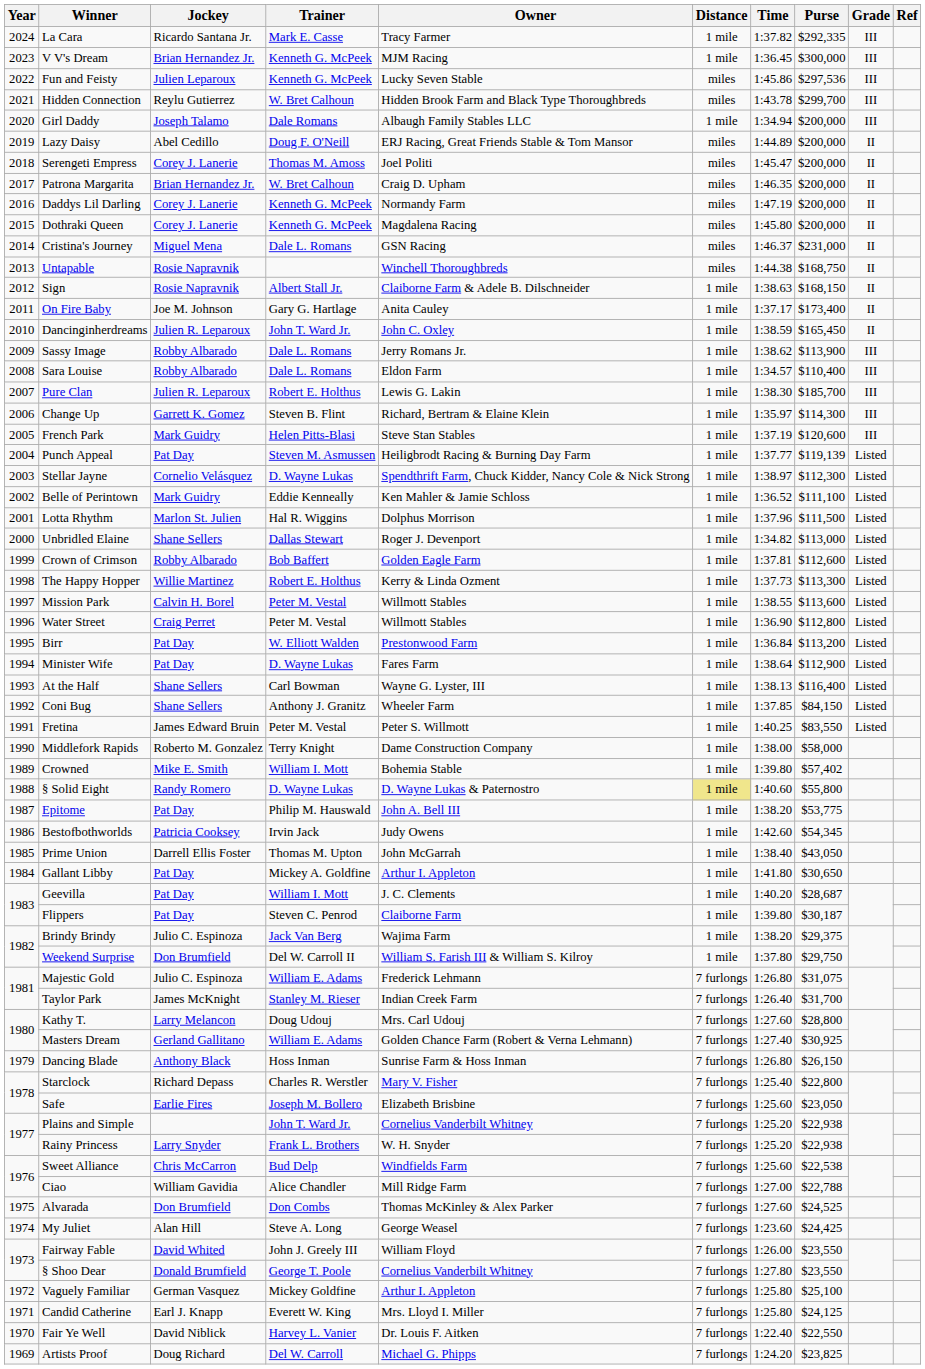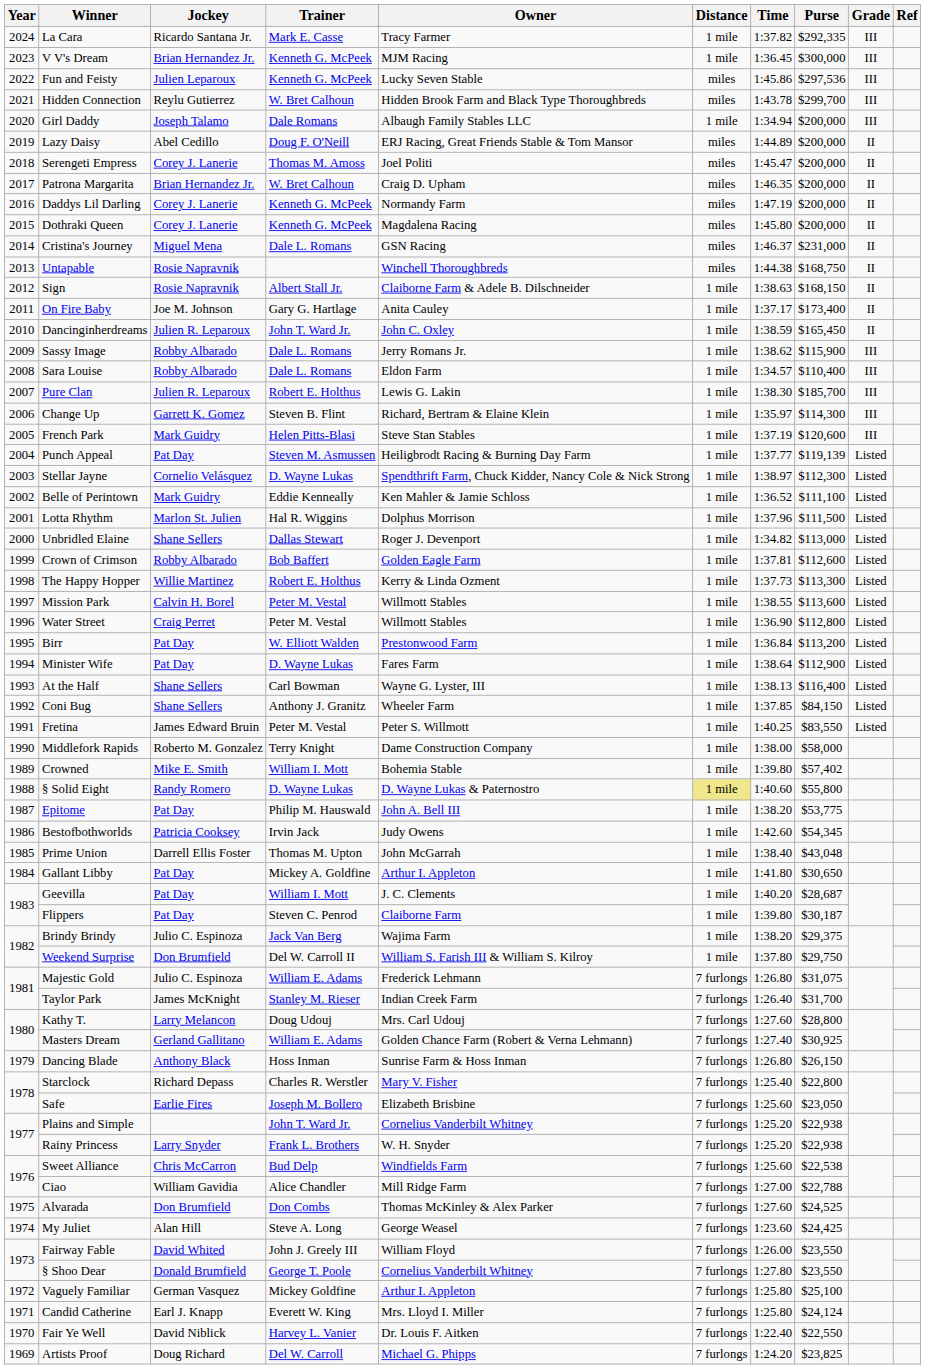 <table class="wikitable sortable">
 <tr>
 <th>Year</th>
 <th>Winner</th>
 <th>Jockey</th>
 <th>Trainer</th>
 <th>Owner</th>
 <th>Distance</th>
 <th>Time</th>
 <th>Purse</th>
 <th>Grade</th>
 <th>Ref</th>
 </tr>
 <tr style="font-size:90%;" >
 <td align=center>2024</td>
 <td>La Cara</td>
 <td>Ricardo Santana Jr.</td>
 <td><a href='#'>Mark E. Casse</a></td>
 <td>Tracy Farmer</td>
 <td align=center>1 mile</td>
 <td align=center>1:37.82</td>
 <td align+center>$292,335</td>
 <td align=center>III</td>
 <td></td>
 </tr>
 <tr style="font-size:90%;" >
 <td align=center>2023</td>
 <td>V V's Dream</td>
 <td><a href='#'>Brian Hernandez Jr.</a></td>
 <td><a href='#'>Kenneth G. McPeek</a></td>
 <td>MJM Racing</td>
 <td align=center>1 mile</td>
 <td align=center>1:36.45</td>
 <td align+center>$300,000</td>
 <td align=center>III</td>
 <td></td>
 </tr>
 <tr style="font-size:90%;" >
 <td align=center>2022</td>
 <td>Fun and Feisty</td>
 <td><a href='#'>Julien Leparoux</a></td>
 <td><a href='#'>Kenneth G. McPeek</a></td>
 <td>Lucky Seven Stable</td>
 <td align=center> miles</td>
 <td align=center>1:45.86</td>
 <td align+center>$297,536</td>
 <td align=center>III</td>
 <td></td>
 </tr>
 <tr style="font-size:90%;">
 <td align=center>2021</td>
 <td>Hidden Connection</td>
 <td>Reylu Gutierrez</td>
 <td><a href='#'>W. Bret Calhoun</a></td>
 <td>Hidden Brook Farm and Black Type Thoroughbreds</td>
 <td align=center> miles</td>
 <td align=center>1:43.78</td>
 <td align=center>$299,700</td>
 <td align=center>III</td>
 <td></td>
 </tr>
 <tr style="font-size:90%;">
 <td align=center>2020</td>
 <td>Girl Daddy</td>
 <td><a href='#'>Joseph Talamo</a></td>
 <td><a href='#'>Dale Romans</a></td>
 <td>Albaugh Family Stables LLC</td>
 <td align=center>1 mile</td>
 <td align=center>1:34.94</td>
 <td align=center>$200,000</td>
 <td align=center>III</td>
 <td></td>
 </tr>
 <tr style="font-size:90%;">
 <td align=center>2019</td>
 <td>Lazy Daisy</td>
 <td>Abel Cedillo</td>
 <td><a href='#'>Doug F. O'Neill</a></td>
 <td>ERJ Racing, Great Friends Stable & Tom Mansor</td>
 <td align=center> miles</td>
 <td align=center>1:44.89</td>
 <td align=center>$200,000</td>
 <td align=center>II</td>
 <td></td>
 </tr>
 <tr style="font-size:90%;">
 <td align=center>2018</td>
 <td>Serengeti Empress</td>
 <td><a href='#'>Corey J. Lanerie</a></td>
 <td><a href='#'>Thomas M. Amoss</a></td>
 <td>Joel Politi</td>
 <td align=center> miles</td>
 <td align=center>1:45.47</td>
 <td align=center>$200,000</td>
 <td align=center>II</td>
 <td></td>
 </tr>
 <tr style="font-size:90%;">
 <td align=center>2017</td>
 <td>Patrona Margarita</td>
 <td><a href='#'>Brian Hernandez Jr.</a></td>
 <td><a href='#'>W. Bret Calhoun</a></td>
 <td>Craig D. Upham</td>
 <td align=center> miles</td>
 <td align=center>1:46.35</td>
 <td align=center>$200,000</td>
 <td align=center>II</td>
 <td></td>
 </tr>
 <tr style="font-size:90%;">
 <td align=center>2016</td>
 <td>Daddys Lil Darling</td>
 <td><a href='#'>Corey J. Lanerie</a></td>
 <td><a href='#'>Kenneth G. McPeek</a></td>
 <td>Normandy Farm</td>
 <td align=center> miles</td>
 <td align=center>1:47.19</td>
 <td align=center>$200,000</td>
 <td align=center>II</td>
 <td></td>
 </tr>
 <tr style="font-size:90%;">
 <td align=center>2015</td>
 <td>Dothraki Queen</td>
 <td><a href='#'>Corey J. Lanerie</a></td>
 <td><a href='#'>Kenneth G. McPeek</a></td>
 <td>Magdalena Racing</td>
 <td align=center> miles</td>
 <td align=center>1:45.80</td>
 <td align=center>$200,000</td>
 <td align=center>II</td>
 <td></td>
 </tr>
 <tr style="font-size:90%;">
 <td align=center>2014</td>
 <td>Cristina's Journey</td>
 <td><a href='#'>Miguel Mena</a></td>
 <td><a href='#'>Dale L. Romans</a></td>
 <td>GSN Racing</td>
 <td align=center> miles</td>
 <td align=center>1:46.37</td>
 <td align=center>$231,000</td>
 <td align=center>II</td>
 <td></td>
 </tr>
 <tr style="font-size:90%;">
 <td align=center>2013</td>
 <td><a href='#'>Untapable</a></td>
 <td><a href='#'>Rosie Napravnik</a></td>
 <td></td>
 <td><a href='#'>Winchell Thoroughbreds</a></td>
 <td align=center> miles</td>
 <td align=center>1:44.38</td>
 <td align=center>$168,750</td>
 <td align=center>II</td>
 <td></td>
 </tr>
 <tr style="font-size:90%;">
 <td align=center>2012</td>
 <td>Sign</td>
 <td><a href='#'>Rosie Napravnik</a></td>
 <td><a href='#'>Albert Stall Jr.</a></td>
 <td><a href='#'>Claiborne Farm</a> & Adele B. Dilschneider</td>
 <td align=center>1 mile</td>
 <td align=center>1:38.63</td>
 <td align=center>$168,150</td>
 <td align=center>II</td>
 <td></td>
 </tr>
 <tr style="font-size:90%;">
 <td align=center>2011</td>
 <td><a href='#'>On Fire Baby</a></td>
 <td>Joe M. Johnson</td>
 <td>Gary G. Hartlage</td>
 <td>Anita Cauley</td>
 <td align=center>1 mile</td>
 <td align=center>1:37.17</td>
 <td align=center>$173,400</td>
 <td align=center>II</td>
 <td></td>
 </tr>
 <tr style="font-size:90%;">
 <td align=center>2010</td>
 <td>Dancinginherdreams</td>
 <td><a href='#'>Julien R. Leparoux</a></td>
 <td><a href='#'>John T. Ward Jr.</a></td>
 <td><a href='#'>John C. Oxley</a></td>
 <td align=center>1 mile</td>
 <td align=center>1:38.59</td>
 <td align=center>$165,450</td>
 <td align=center>II</td>
 <td></td>
 </tr>
 <tr style="font-size:90%;">
 <td align=center>2009</td>
 <td>Sassy Image</td>
 <td><a href='#'>Robby Albarado</a></td>
 <td><a href='#'>Dale L. Romans</a></td>
 <td>Jerry Romans Jr.</td>
 <td align=center>1 mile</td>
 <td align=center>1:38.62</td>
-<td align=center>$113,900</td>
+<td align=center>$115,900</td>
 <td align=center>III</td>
 <td></td>
 </tr>
 <tr style="font-size:90%;">
 <td align=center>2008</td>
 <td>Sara Louise</td>
 <td><a href='#'>Robby Albarado</a></td>
 <td><a href='#'>Dale L. Romans</a></td>
 <td>Eldon Farm</td>
 <td align=center>1 mile</td>
 <td align=center>1:34.57</td>
 <td align=center>$110,400</td>
 <td align=center>III</td>
 <td></td>
 </tr>
 <tr style="font-size:90%;">
 <td align=center>2007</td>
 <td><a href='#'>Pure Clan</a></td>
 <td><a href='#'>Julien R. Leparoux</a></td>
 <td><a href='#'>Robert E. Holthus</a></td>
 <td>Lewis G. Lakin</td>
 <td align=center>1 mile</td>
 <td align=center>1:38.30</td>
 <td align=center>$185,700</td>
 <td align=center>III</td>
 <td></td>
 </tr>
 <tr style="font-size:90%;">
 <td align=center>2006</td>
 <td>Change Up</td>
 <td><a href='#'>Garrett K. Gomez</a></td>
 <td>Steven B. Flint</td>
 <td>Richard, Bertram & Elaine Klein</td>
 <td align=center>1 mile</td>
 <td align=center>1:35.97</td>
 <td align=center>$114,300</td>
 <td align=center>III</td>
 <td></td>
 </tr>
 <tr style="font-size:90%;">
 <td align=center>2005</td>
 <td>French Park</td>
 <td><a href='#'>Mark Guidry</a></td>
 <td><a href='#'>Helen Pitts-Blasi</a></td>
 <td>Steve Stan Stables</td>
 <td align=center>1 mile</td>
 <td align=center>1:37.19</td>
 <td align=center>$120,600</td>
 <td align=center>III</td>
 <td></td>
 </tr>
 <tr style="font-size:90%;">
 <td align=center>2004</td>
 <td>Punch Appeal</td>
 <td><a href='#'>Pat Day</a></td>
 <td><a href='#'>Steven M. Asmussen</a></td>
 <td>Heiligbrodt Racing & Burning Day Farm</td>
 <td align=center>1 mile</td>
 <td align=center>1:37.77</td>
 <td align=center>$119,139</td>
 <td align=center>Listed</td>
 <td></td>
 </tr>
 <tr style="font-size:90%;">
 <td align=center>2003</td>
 <td>Stellar Jayne</td>
 <td><a href='#'>Cornelio Velásquez</a></td>
 <td><a href='#'>D. Wayne Lukas</a></td>
 <td><a href='#'>Spendthrift Farm</a>, Chuck Kidder, Nancy Cole & Nick Strong</td>
 <td align=center>1 mile</td>
 <td align=center>1:38.97</td>
 <td align=center>$112,300</td>
 <td align=center>Listed</td>
 <td></td>
 </tr>
 <tr style="font-size:90%;">
 <td align=center>2002</td>
 <td>Belle of Perintown</td>
 <td><a href='#'>Mark Guidry</a></td>
 <td>Eddie Kenneally</td>
 <td>Ken Mahler & Jamie Schloss</td>
 <td align=center>1 mile</td>
 <td align=center>1:36.52</td>
 <td align=center>$111,100</td>
 <td align=center>Listed</td>
 <td></td>
 </tr>
 <tr style="font-size:90%;">
 <td align=center>2001</td>
 <td>Lotta Rhythm</td>
 <td><a href='#'>Marlon St. Julien</a></td>
 <td>Hal R. Wiggins</td>
 <td>Dolphus Morrison</td>
 <td align=center>1 mile</td>
 <td align=center>1:37.96</td>
 <td align=center>$111,500</td>
 <td align=center>Listed</td>
 <td></td>
 </tr>
 <tr style="font-size:90%;">
 <td align=center>2000</td>
 <td>Unbridled Elaine</td>
 <td><a href='#'>Shane Sellers</a></td>
 <td><a href='#'>Dallas Stewart</a></td>
 <td>Roger J. Devenport</td>
 <td align=center>1 mile</td>
 <td align=center>1:34.82</td>
 <td align=center>$113,000</td>
 <td align=center>Listed</td>
 <td></td>
 </tr>
 <tr style="font-size:90%;">
 <td align=center>1999</td>
 <td>Crown of Crimson</td>
 <td><a href='#'>Robby Albarado</a></td>
 <td><a href='#'>Bob Baffert</a></td>
 <td><a href='#'>Golden Eagle Farm</a></td>
 <td align=center>1 mile</td>
 <td align=center>1:37.81</td>
 <td align=center>$112,600</td>
 <td align=center>Listed</td>
 <td></td>
 </tr>
 <tr style="font-size:90%;">
 <td align=center>1998</td>
 <td>The Happy Hopper</td>
 <td><a href='#'>Willie Martinez</a></td>
 <td><a href='#'>Robert E. Holthus</a></td>
 <td>Kerry & Linda Ozment</td>
 <td align=center>1 mile</td>
 <td align=center>1:37.73</td>
 <td align=center>$113,300</td>
 <td align=center>Listed</td>
 <td></td>
 </tr>
 <tr style="font-size:90%;">
 <td align=center>1997</td>
 <td>Mission Park</td>
 <td><a href='#'>Calvin H. Borel</a></td>
 <td><a href='#'>Peter M. Vestal</a></td>
 <td>Willmott Stables</td>
 <td align=center>1 mile</td>
 <td align=center>1:38.55</td>
 <td align=center>$113,600</td>
 <td align=center>Listed</td>
 <td></td>
 </tr>
 <tr style="font-size:90%;">
 <td align=center>1996</td>
 <td>Water Street</td>
 <td><a href='#'>Craig Perret</a></td>
 <td>Peter M. Vestal</td>
 <td>Willmott Stables</td>
 <td align=center>1 mile</td>
 <td align=center>1:36.90</td>
 <td align=center>$112,800</td>
 <td align=center>Listed</td>
 <td></td>
 </tr>
 <tr style="font-size:90%;">
 <td align=center>1995</td>
 <td>Birr</td>
 <td><a href='#'>Pat Day</a></td>
 <td><a href='#'>W. Elliott Walden</a></td>
 <td><a href='#'>Prestonwood Farm</a></td>
 <td align=center>1 mile</td>
 <td align=center>1:36.84</td>
 <td align=center>$113,200</td>
 <td align=center>Listed</td>
 <td></td>
 </tr>
 <tr style="font-size:90%;">
 <td align=center>1994</td>
 <td>Minister Wife</td>
 <td><a href='#'>Pat Day</a></td>
 <td><a href='#'>D. Wayne Lukas</a></td>
 <td>Fares Farm</td>
 <td align=center>1 mile</td>
 <td align=center>1:38.64</td>
 <td align=center>$112,900</td>
 <td align=center>Listed</td>
 <td></td>
 </tr>
 <tr style="font-size:90%;">
 <td align=center>1993</td>
 <td>At the Half</td>
 <td><a href='#'>Shane Sellers</a></td>
 <td>Carl Bowman</td>
 <td>Wayne G. Lyster, III</td>
 <td align=center>1 mile</td>
 <td align=center>1:38.13</td>
 <td align=center>$116,400</td>
 <td align=center>Listed</td>
 <td></td>
 </tr>
 <tr style="font-size:90%;">
 <td align=center>1992</td>
 <td>Coni Bug</td>
 <td><a href='#'>Shane Sellers</a></td>
 <td>Anthony J. Granitz</td>
 <td>Wheeler Farm</td>
 <td align=center>1 mile</td>
 <td align=center>1:37.85</td>
 <td align=center>$84,150</td>
 <td align=center>Listed</td>
 <td></td>
 </tr>
 <tr style="font-size:90%;">
 <td align=center>1991</td>
 <td>Fretina</td>
 <td>James Edward Bruin</td>
 <td>Peter M. Vestal</td>
 <td>Peter S. Willmott</td>
 <td align=center>1 mile</td>
 <td align=center>1:40.25</td>
 <td align=center>$83,550</td>
 <td align=center>Listed</td>
 <td></td>
 </tr>
 <tr style="font-size:90%;">
 <td align=center>1990</td>
 <td>Middlefork Rapids</td>
 <td>Roberto M. Gonzalez</td>
 <td>Terry Knight</td>
 <td>Dame Construction Company</td>
 <td align=center>1 mile</td>
 <td align=center>1:38.00</td>
 <td align=center>$58,000</td>
 <td align=center></td>
 <td></td>
 </tr>
 <tr style="font-size:90%;">
 <td align=center>1989</td>
 <td>Crowned</td>
 <td><a href='#'>Mike E. Smith</a></td>
 <td><a href='#'>William I. Mott</a></td>
 <td>Bohemia Stable</td>
 <td align=center>1 mile</td>
 <td align=center>1:39.80</td>
 <td align=center>$57,402</td>
 <td align=center></td>
 <td></td>
 </tr>
 <tr style="font-size:90%;">
 <td align=center>1988</td>
 <td>§ Solid Eight</td>
 <td><a href='#'>Randy Romero</a></td>
 <td><a href='#'>D. Wayne Lukas</a></td>
 <td><a href='#'>D. Wayne Lukas</a> & Paternostro</td>
 <td align=center style="background: khaki;">1 mile</td>
 <td align=center>1:40.60</td>
 <td align=center>$55,800</td>
 <td align=center></td>
 <td></td>
 </tr>
 <tr style="font-size:90%;">
 <td align=center>1987</td>
 <td><a href='#'>Epitome</a></td>
 <td><a href='#'>Pat Day</a></td>
 <td>Philip M. Hauswald</td>
 <td><a href='#'>John A. Bell III</a></td>
 <td align=center>1 mile</td>
 <td align=center>1:38.20</td>
 <td align=center>$53,775</td>
 <td align=center></td>
 <td></td>
 </tr>
 <tr style="font-size:90%;">
 <td align=center>1986</td>
 <td>Bestofbothworlds</td>
 <td><a href='#'>Patricia Cooksey</a></td>
 <td>Irvin Jack</td>
 <td>Judy Owens</td>
 <td align=center>1 mile</td>
 <td align=center>1:42.60</td>
 <td align=center>$54,345</td>
 <td align=center></td>
 <td></td>
 </tr>
 <tr style="font-size:90%;">
 <td align=center>1985</td>
 <td>Prime Union</td>
 <td>Darrell Ellis Foster</td>
 <td>Thomas M. Upton</td>
 <td>John McGarrah</td>
 <td align=center>1 mile</td>
 <td align=center>1:38.40</td>
-<td align=center>$43,050</td>
+<td align=center>$43,048</td>
 <td align=center></td>
 <td></td>
 </tr>
 <tr style="font-size:90%;">
 <td align=center>1984</td>
 <td>Gallant Libby</td>
 <td><a href='#'>Pat Day</a></td>
 <td>Mickey A. Goldfine</td>
 <td><a href='#'>Arthur I. Appleton</a></td>
 <td align=center>1 mile</td>
 <td align=center>1:41.80</td>
 <td align=center>$30,650</td>
 <td align=center></td>
 <td></td>
 </tr>
 <tr style="font-size:90%;">
 <td align=center rowspan=2>1983</td>
 <td>Geevilla</td>
 <td><a href='#'>Pat Day</a></td>
 <td><a href='#'>William I. Mott</a></td>
 <td>J. C. Clements</td>
 <td align=center>1 mile</td>
 <td align=center>1:40.20</td>
 <td align=center>$28,687</td>
 <td align=center rowspan=2></td>
 <td></td>
 </tr>
 <tr style="font-size:90%;">
 <td>Flippers</td>
 <td><a href='#'>Pat Day</a></td>
 <td>Steven C. Penrod</td>
 <td><a href='#'>Claiborne Farm</a></td>
 <td align=center>1 mile</td>
 <td align=center>1:39.80</td>
 <td align=center>$30,187</td>
 <td></td>
 </tr>
 <tr style="font-size:90%;">
 <td align=center rowspan=2>1982</td>
 <td>Brindy Brindy</td>
 <td>Julio C. Espinoza</td>
 <td><a href='#'>Jack Van Berg</a></td>
 <td>Wajima Farm</td>
 <td align=center>1 mile</td>
 <td align=center>1:38.20</td>
 <td align=center>$29,375</td>
 <td align=center rowspan=2></td>
 <td></td>
 </tr>
 <tr style="font-size:90%;">
 <td><a href='#'>Weekend Surprise</a></td>
 <td><a href='#'>Don Brumfield</a></td>
 <td>Del W. Carroll II</td>
 <td><a href='#'>William S. Farish III</a> & William S. Kilroy</td>
 <td align=center>1 mile</td>
 <td align=center>1:37.80</td>
 <td align=center>$29,750</td>
 <td></td>
 </tr>
 <tr style="font-size:90%;">
 <td align=center rowspan=2>1981</td>
 <td>Majestic Gold</td>
 <td>Julio C. Espinoza</td>
 <td><a href='#'>William E. Adams</a></td>
 <td>Frederick Lehmann</td>
 <td align=center>7 furlongs</td>
 <td align=center>1:26.80</td>
 <td align=center>$31,075</td>
 <td align=center rowspan=2></td>
 <td></td>
 </tr>
 <tr style="font-size:90%;">
 <td>Taylor Park</td>
 <td>James McKnight</td>
 <td><a href='#'>Stanley M. Rieser</a></td>
 <td>Indian Creek Farm</td>
 <td align=center>7 furlongs</td>
 <td align=center>1:26.40</td>
 <td align=center>$31,700</td>
 <td></td>
 </tr>
 <tr style="font-size:90%;">
 <td align=center rowspan=2>1980</td>
 <td>Kathy T.</td>
 <td><a href='#'>Larry Melancon</a></td>
 <td>Doug Udouj</td>
 <td>Mrs. Carl Udouj</td>
 <td align=center>7 furlongs</td>
 <td align=center>1:27.60</td>
 <td align=center>$28,800</td>
 <td align=center rowspan=2></td>
 <td></td>
 </tr>
 <tr style="font-size:90%;">
 <td>Masters Dream</td>
 <td><a href='#'>Gerland Gallitano</a></td>
 <td><a href='#'>William E. Adams</a></td>
 <td>Golden Chance Farm (Robert & Verna Lehmann)</td>
 <td align=center>7 furlongs</td>
 <td align=center>1:27.40</td>
 <td align=center>$30,925</td>
 <td></td>
 </tr>
 <tr style="font-size:90%;">
 <td align=center>1979</td>
 <td>Dancing Blade</td>
 <td><a href='#'>Anthony Black</a></td>
 <td>Hoss Inman</td>
 <td>Sunrise Farm & Hoss Inman</td>
 <td align=center>7 furlongs</td>
 <td align=center>1:26.80</td>
 <td align=center>$26,150</td>
 <td align=center></td>
 <td></td>
 </tr>
 <tr style="font-size:90%;">
 <td align=center rowspan=2>1978</td>
 <td>Starclock</td>
 <td>Richard Depass</td>
 <td>Charles R. Werstler</td>
 <td><a href='#'>Mary V. Fisher</a></td>
 <td align=center>7 furlongs</td>
 <td align=center>1:25.40</td>
 <td align=center>$22,800</td>
 <td align=center rowspan=2></td>
 <td></td>
 </tr>
 <tr style="font-size:90%;">
 <td>Safe</td>
 <td><a href='#'>Earlie Fires</a></td>
 <td><a href='#'>Joseph M. Bollero</a></td>
 <td>Elizabeth Brisbine</td>
 <td align=center>7 furlongs</td>
 <td align=center>1:25.60</td>
 <td align=center>$23,050</td>
 <td></td>
 </tr>
 <tr style="font-size:90%;">
 <td align=center rowspan=2>1977</td>
 <td>Plains and Simple</td>
 <td></td>
 <td><a href='#'>John T. Ward Jr.</a></td>
 <td><a href='#'>Cornelius Vanderbilt Whitney</a></td>
 <td align=center>7 furlongs</td>
 <td align=center>1:25.20</td>
 <td align=center>$22,938</td>
 <td align=center rowspan=2></td>
 <td></td>
 </tr>
 <tr style="font-size:90%;">
 <td>Rainy Princess</td>
 <td><a href='#'>Larry Snyder</a></td>
 <td><a href='#'>Frank L. Brothers</a></td>
 <td>W. H. Snyder</td>
 <td align=center>7 furlongs</td>
 <td align=center>1:25.20</td>
 <td align=center>$22,938</td>
 <td></td>
 </tr>
 <tr style="font-size:90%;">
 <td align=center rowspan=2>1976</td>
 <td>Sweet Alliance</td>
 <td><a href='#'>Chris McCarron</a></td>
 <td><a href='#'>Bud Delp</a></td>
 <td><a href='#'>Windfields Farm</a></td>
 <td align=center>7 furlongs</td>
 <td align=center>1:25.60</td>
 <td align=center>$22,538</td>
 <td align=center rowspan=2></td>
 <td></td>
 </tr>
 <tr style="font-size:90%;">
 <td>Ciao</td>
 <td>William Gavidia</td>
 <td>Alice Chandler</td>
 <td>Mill Ridge Farm</td>
 <td align=center>7 furlongs</td>
 <td align=center>1:27.00</td>
 <td align=center>$22,788</td>
 <td></td>
 </tr>
 <tr style="font-size:90%;">
 <td align=center>1975</td>
 <td>Alvarada</td>
 <td><a href='#'>Don Brumfield</a></td>
 <td><a href='#'>Don Combs</a></td>
 <td>Thomas McKinley & Alex Parker</td>
 <td align=center>7 furlongs</td>
 <td align=center>1:27.60</td>
 <td align=center>$24,525</td>
 <td align=center></td>
 <td></td>
 </tr>
 <tr style="font-size:90%;">
 <td align=center>1974</td>
 <td>My Juliet</td>
 <td>Alan Hill</td>
 <td>Steve A. Long</td>
 <td>George Weasel</td>
 <td align=center>7 furlongs</td>
 <td align=center>1:23.60</td>
 <td align=center>$24,425</td>
 <td align=center></td>
 <td></td>
 </tr>
 <tr style="font-size:90%;">
 <td align=center rowspan=2>1973</td>
 <td>Fairway Fable</td>
 <td><a href='#'>David Whited</a></td>
 <td>John J. Greely III</td>
 <td>William Floyd</td>
 <td align=center>7 furlongs</td>
 <td align=center>1:26.00</td>
 <td align=center>$23,550</td>
 <td align=center rowspan=2></td>
 <td></td>
 </tr>
 <tr style="font-size:90%;">
 <td>§ Shoo Dear</td>
 <td><a href='#'>Donald Brumfield</a></td>
 <td><a href='#'>George T. Poole</a></td>
 <td><a href='#'>Cornelius Vanderbilt Whitney</a></td>
 <td align=center>7 furlongs</td>
 <td align=center>1:27.80</td>
 <td align=center>$23,550</td>
 <td></td>
 </tr>
 <tr style="font-size:90%;">
 <td align=center>1972</td>
 <td>Vaguely Familiar</td>
 <td>German Vasquez</td>
 <td>Mickey Goldfine</td>
 <td><a href='#'>Arthur I. Appleton</a></td>
 <td align=center>7 furlongs</td>
 <td align=center>1:25.80</td>
 <td align=center>$25,100</td>
 <td align=center></td>
 <td></td>
 </tr>
 <tr style="font-size:90%;">
 <td align=center>1971</td>
 <td>Candid Catherine</td>
 <td>Earl J. Knapp</td>
 <td>Everett W. King</td>
 <td>Mrs. Lloyd I. Miller</td>
 <td align=center>7 furlongs</td>
 <td align=center>1:25.80</td>
-<td align=center>$24,125</td>
+<td align=center>$24,124</td>
 <td align=center></td>
 <td></td>
 </tr>
 <tr style="font-size:90%;">
 <td align=center>1970</td>
 <td>Fair Ye Well</td>
 <td>David Niblick</td>
 <td><a href='#'>Harvey L. Vanier</a></td>
 <td>Dr. Louis F. Aitken</td>
 <td align=center>7 furlongs</td>
 <td align=center>1:22.40</td>
 <td align=center>$22,550</td>
 <td align=center></td>
 <td></td>
 </tr>
 <tr style="font-size:90%;">
 <td align=center>1969</td>
 <td>Artists Proof</td>
 <td>Doug Richard</td>
 <td><a href='#'>Del W. Carroll</a></td>
 <td><a href='#'>Michael G. Phipps</a></td>
 <td align=center>7 furlongs</td>
 <td align=center>1:24.20</td>
 <td align=center>$23,825</td>
 <td align=center></td>
 <td></td>
 </tr>
 </table>
